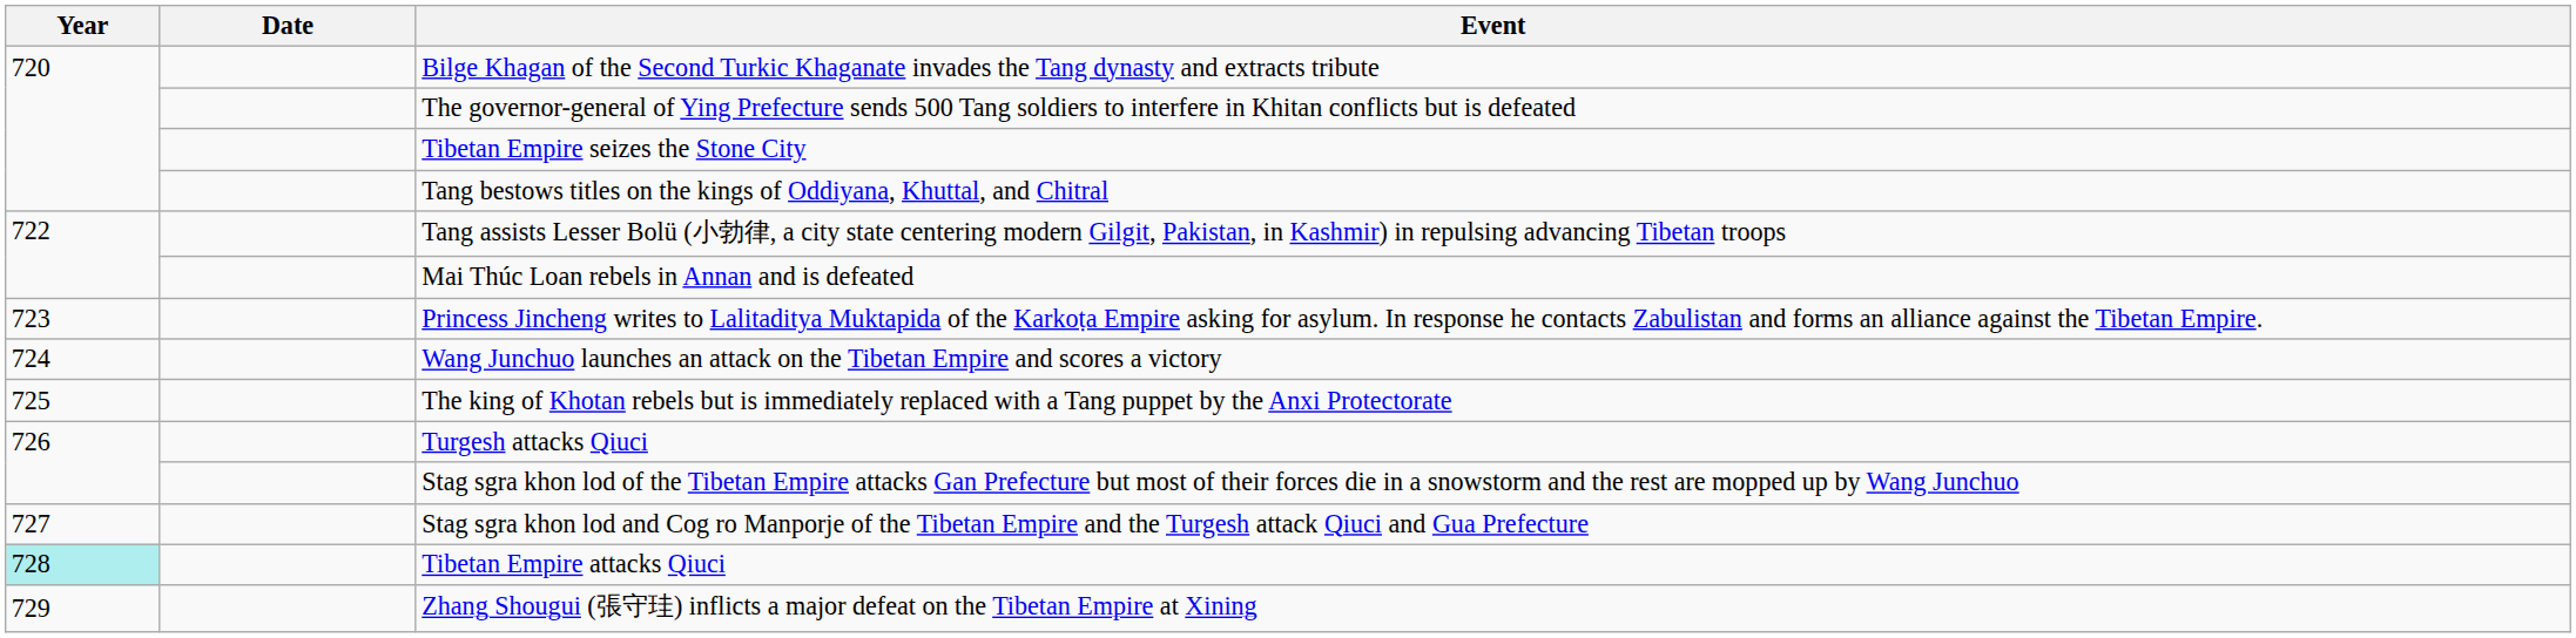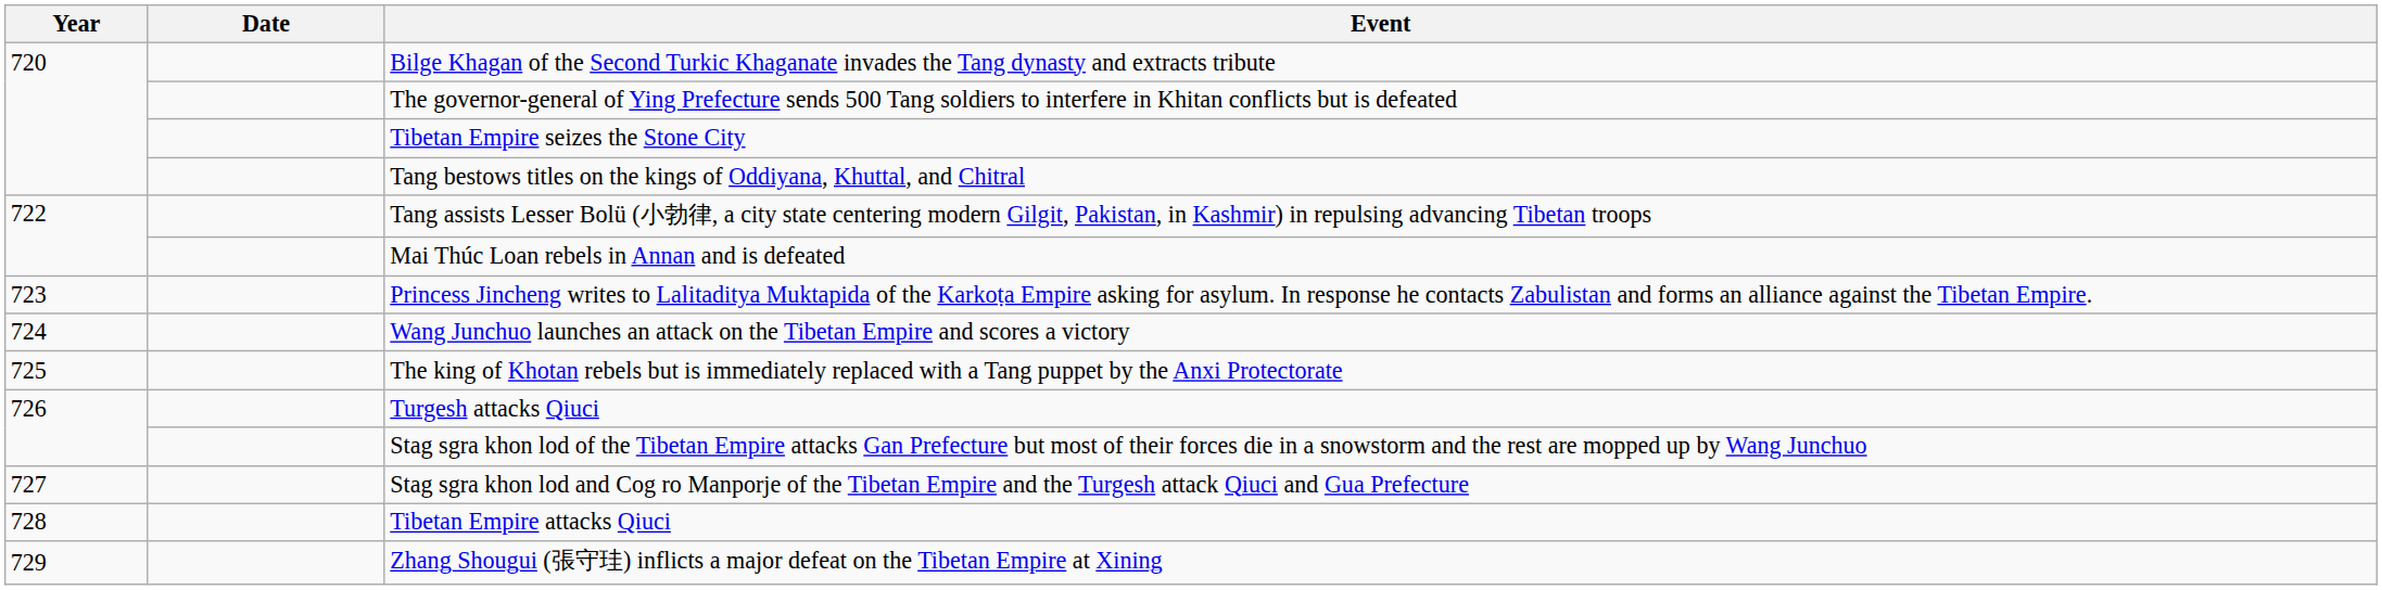 <table class="wikitable" width="100%">
 <tr>
 <th style="width:6%">Year</th>
 <th style="width:10%">Date</th>
 <th>Event</th>
 </tr>
 <tr>
 <td rowspan="4" valign="top">720</td>
 <td></td>
 <td><a href='#'>Bilge Khagan</a> of the <a href='#'>Second Turkic Khaganate</a> invades the <a href='#'>Tang dynasty</a> and extracts tribute</td>
 </tr>
 <tr>
 <td></td>
 <td>The governor-general of <a href='#'>Ying Prefecture</a> sends 500 Tang soldiers to interfere in Khitan conflicts but is defeated</td>
 </tr>
 <tr>
 <td></td>
 <td><a href='#'>Tibetan Empire</a> seizes the <a href='#'>Stone City</a></td>
 </tr>
 <tr>
 <td></td>
 <td>Tang bestows titles on the kings of <a href='#'>Oddiyana</a>, <a href='#'>Khuttal</a>, and <a href='#'>Chitral</a></td>
 </tr>
 <tr>
 <td rowspan="2" valign="top">722</td>
 <td></td>
 <td>Tang assists Lesser Bolü (小勃律, a city state centering modern <a href='#'>Gilgit</a>, <a href='#'>Pakistan</a>, in <a href='#'>Kashmir</a>) in repulsing advancing <a href='#'>Tibetan</a> troops</td>
 </tr>
 <tr>
 <td></td>
 <td>Mai Thúc Loan rebels in <a href='#'>Annan</a> and is defeated</td>
 </tr>
 <tr>
 <td>723</td>
 <td></td>
 <td><a href='#'>Princess Jincheng</a> writes to <a href='#'>Lalitaditya Muktapida</a> of the <a href='#'>Karkoṭa Empire</a> asking for asylum. In response he contacts <a href='#'>Zabulistan</a> and forms an alliance against the <a href='#'>Tibetan Empire</a>.</td>
 </tr>
 <tr>
 <td>724</td>
 <td></td>
 <td><a href='#'>Wang Junchuo</a> launches an attack on the <a href='#'>Tibetan Empire</a> and scores a victory</td>
 </tr>
 <tr>
 <td>725</td>
 <td></td>
 <td>The king of <a href='#'>Khotan</a> rebels but is immediately replaced with a Tang puppet by the <a href='#'>Anxi Protectorate</a></td>
 </tr>
 <tr>
 <td rowspan="2" valign="top">726</td>
 <td></td>
 <td><a href='#'>Turgesh</a> attacks <a href='#'>Qiuci</a></td>
 </tr>
 <tr>
 <td></td>
 <td>Stag sgra khon lod of the <a href='#'>Tibetan Empire</a> attacks <a href='#'>Gan Prefecture</a> but most of their forces die in a snowstorm and the rest are mopped up by <a href='#'>Wang Junchuo</a></td>
 </tr>
 <tr>
 <td>727</td>
 <td></td>
 <td>Stag sgra khon lod and Cog ro Manporje of the <a href='#'>Tibetan Empire</a> and the <a href='#'>Turgesh</a> attack <a href='#'>Qiuci</a> and <a href='#'>Gua Prefecture</a></td>
 </tr>
 <tr>
-<td style="background: paleturquoise;">728</td>
+<td>728</td>
 <td></td>
 <td><a href='#'>Tibetan Empire</a> attacks <a href='#'>Qiuci</a></td>
 </tr>
 <tr>
 <td>729</td>
 <td></td>
 <td><a href='#'>Zhang Shougui</a> (張守珪) inflicts a major defeat on the <a href='#'>Tibetan Empire</a> at <a href='#'>Xining</a></td>
 </tr>
 </table>
